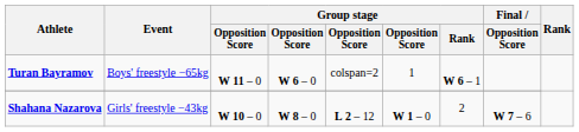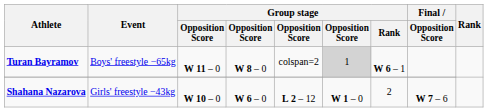 <table class="wikitable" style="font-size:90%">
 <tr>
 <th rowspan=2>Athlete</th>
 <th rowspan=2>Event</th>
 <th colspan=5>Group stage</th>
 <th>Final / </th>
 <th rowspan=2>Rank</th>
 </tr>
 <tr style="font-size:95%">
 <th>Opposition<br>Score</th>
 <th>Opposition<br>Score</th>
 <th>Opposition<br>Score</th>
 <th>Opposition<br>Score</th>
 <th>Rank</th>
 <th>Opposition<br>Score</th>
 </tr>
 <tr align=center>
 <td align=left><strong><a href='#'>Turan Bayramov</a></strong></td>
 <td align=left><a href='#'>Boys' freestyle −65kg</a></td>
 <td><br><strong>W</strong> <strong>11</strong> – 0 <sup></sup></td>
-<td><br><strong>W</strong> <strong>6</strong> – 0 <sup></sup></td>
+<td><br><strong>W</strong> <strong>8</strong> – 0 <sup></sup></td>
 <td>colspan=2 </td>
-<td>1 </td>
+<td style="background: lightgrey;">1 </td>
 <td><br><strong>W</strong> <strong>6</strong> – 1 <sup></sup></td>
 <td></td>
 </tr>
 <tr>
 </tr>
 <tr align=center>
 <td align=left><strong><a href='#'>Shahana Nazarova</a></strong></td>
 <td align=left><a href='#'>Girls' freestyle −43kg</a></td>
 <td><br><strong>W</strong> <strong>10</strong> – 0 <sup></sup></td>
-<td><br><strong>W</strong> <strong>8</strong> – 0 <sup></sup></td>
+<td><br><strong>W</strong> <strong>6</strong> – 0 <sup></sup></td>
 <td><br><strong>L</strong> <strong>2</strong> – 12 <sup></sup></td>
 <td><br><strong>W</strong> <strong>1</strong> – 0 <sup></sup></td>
 <td>2 </td>
 <td><br><strong>W</strong> <strong>7</strong> – 6 <sup></sup></td>
 <td></td>
 </tr>
 </table>
